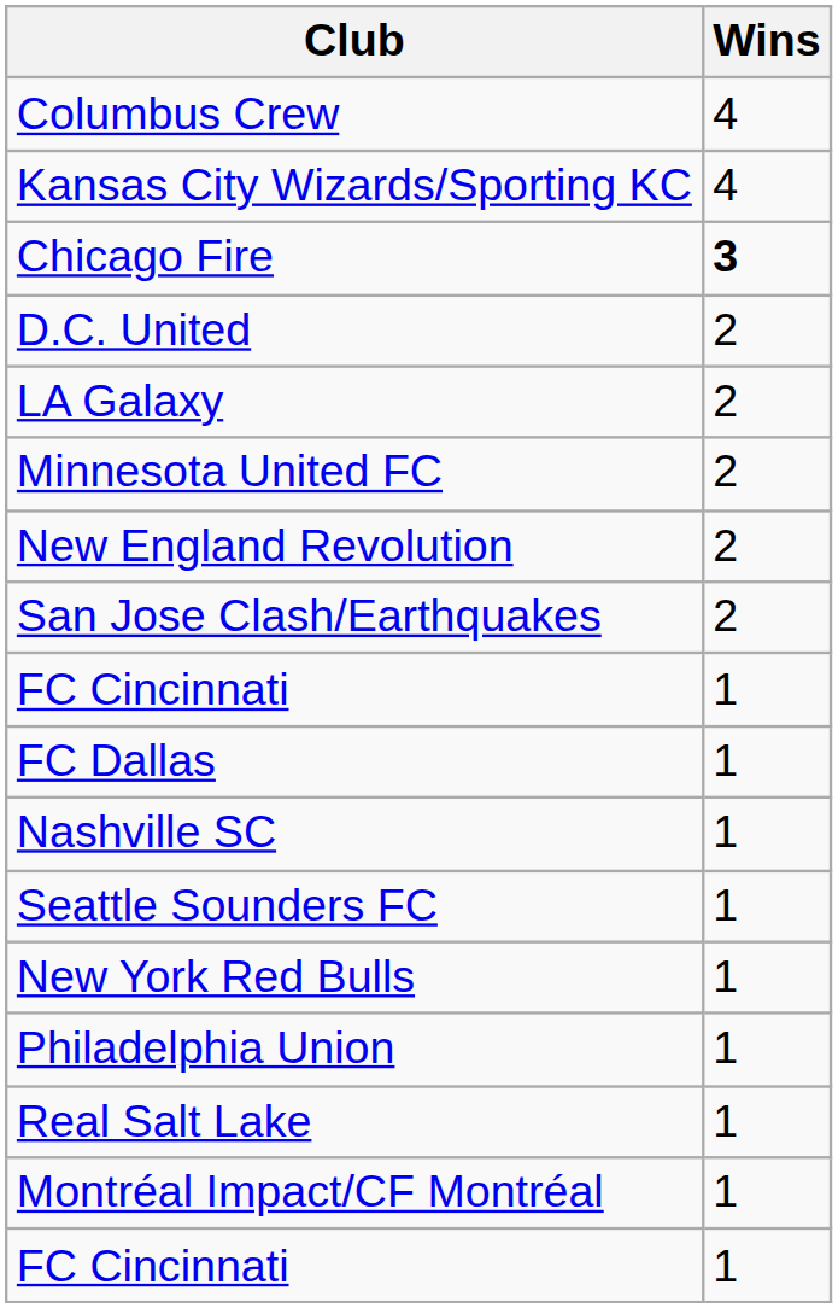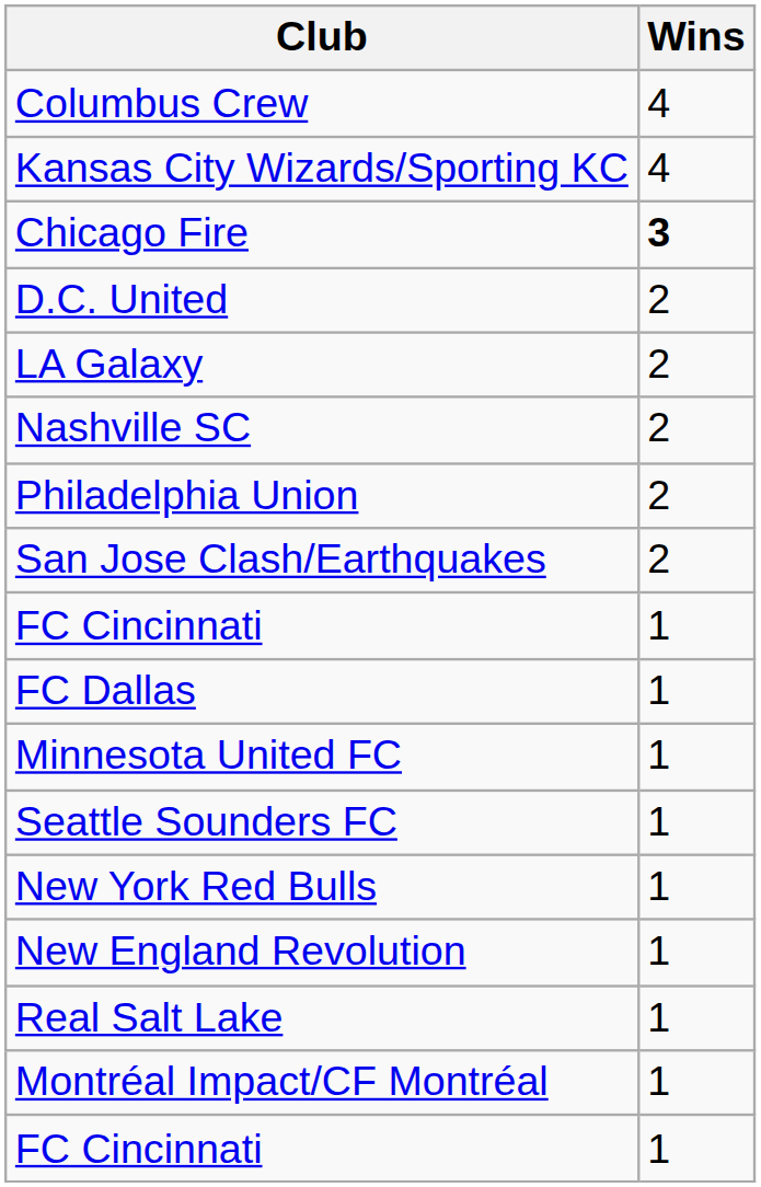 <table class="wikitable sortable">
 <tr>
 <th>Club</th>
 <th>Wins</th>
 </tr>
 <tr>
 <td><a href='#'>Columbus Crew</a></td>
 <td>4</td>
 </tr>
 <tr>
 <td><a href='#'>Kansas City Wizards/Sporting KC</a></td>
 <td>4</td>
 </tr>
 <tr>
 <td><a href='#'>Chicago Fire</a></td>
 <td><strong>3</strong></td>
 </tr>
 <tr>
 <td><a href='#'>D.C. United</a></td>
 <td>2</td>
 </tr>
 <tr>
 <td><a href='#'>LA Galaxy</a></td>
 <td>2</td>
 </tr>
 <tr>
-<td><a href='#'>Minnesota United FC</a></td>
+<td><a href='#'>Nashville SC</a></td>
 <td>2</td>
 </tr>
 <tr>
-<td><a href='#'>New England Revolution</a></td>
+<td><a href='#'>Philadelphia Union</a></td>
 <td>2</td>
 </tr>
 <tr>
 <td><a href='#'>San Jose Clash/Earthquakes</a></td>
 <td>2</td>
 </tr>
 <tr>
 <td><a href='#'>FC Cincinnati</a></td>
 <td>1</td>
 </tr>
 <tr>
 <td><a href='#'>FC Dallas</a></td>
 <td>1</td>
 </tr>
 <tr>
-<td><a href='#'>Nashville SC</a></td>
+<td><a href='#'>Minnesota United FC</a></td>
 <td>1</td>
 </tr>
 <tr>
 <td><a href='#'>Seattle Sounders FC</a></td>
 <td>1</td>
 </tr>
 <tr>
 <td><a href='#'>New York Red Bulls</a></td>
 <td>1</td>
 </tr>
 <tr>
-<td><a href='#'>Philadelphia Union</a></td>
+<td><a href='#'>New England Revolution</a></td>
 <td>1</td>
 </tr>
 <tr>
 <td><a href='#'>Real Salt Lake</a></td>
 <td>1</td>
 </tr>
 <tr>
 <td><a href='#'>Montréal Impact/CF Montréal</a></td>
 <td>1</td>
 </tr>
 <tr>
 <td><a href='#'>FC Cincinnati</a></td>
 <td>1</td>
 </tr>
 </table>
